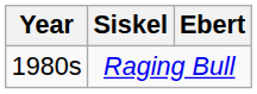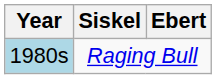 <table class="wikitable">
 <tr>
 <th scope="col">Year</th>
 <th scope="col">Siskel</th>
 <th scope="col">Ebert</th>
 </tr>
 <tr>
-<td scope="row">1980s</td>
+<td scope="row" style="background: lightblue;">1980s</td>
 <td colspan="2" style="text-align:center;"><em><a href='#'>Raging Bull</a></em></td>
 </tr>
 </table>
